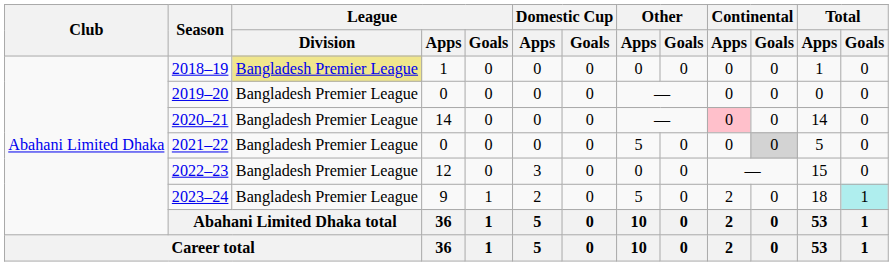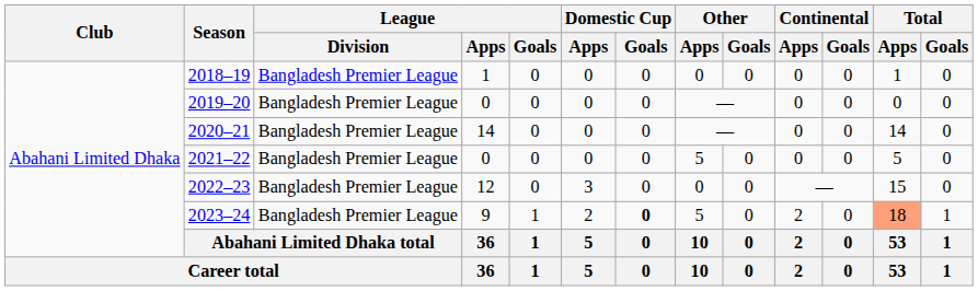 <table class="wikitable" style="text-align:center">
 <tr>
 <th rowspan="2">Club</th>
 <th rowspan="2">Season</th>
 <th colspan="3">League</th>
 <th colspan="2">Domestic Cup</th>
 <th colspan="2">Other</th>
 <th colspan="2">Continental</th>
 <th colspan="2">Total</th>
 </tr>
 <tr>
 <th>Division</th>
 <th>Apps</th>
 <th>Goals</th>
 <th>Apps</th>
 <th>Goals</th>
 <th>Apps</th>
 <th>Goals</th>
 <th>Apps</th>
 <th>Goals</th>
 <th>Apps</th>
 <th>Goals</th>
 </tr>
 <tr>
 <td rowspan=7><a href='#'>Abahani Limited Dhaka</a></td>
 <td><a href='#'>2018–19</a></td>
-<td style="background: khaki;"><a href='#'>Bangladesh Premier League</a></td>
+<td><a href='#'>Bangladesh Premier League</a></td>
 <td>1</td>
 <td>0</td>
 <td>0</td>
 <td>0</td>
 <td>0</td>
 <td>0</td>
 <td>0</td>
 <td>0</td>
 <td>1</td>
 <td>0</td>
 </tr>
 <tr>
 <td><a href='#'>2019–20</a></td>
 <td>Bangladesh Premier League</td>
 <td>0</td>
 <td>0</td>
 <td>0</td>
 <td>0</td>
 <td colspan=2>—</td>
 <td>0</td>
 <td>0</td>
 <td>0</td>
 <td>0</td>
 </tr>
 <tr>
 <td><a href='#'>2020–21</a></td>
 <td>Bangladesh Premier League</td>
 <td>14</td>
 <td>0</td>
 <td>0</td>
 <td>0</td>
 <td colspan=2>—</td>
-<td style="background: pink;">0</td>
+<td>0</td>
 <td>0</td>
 <td>14</td>
 <td>0</td>
 </tr>
 <tr>
 <td><a href='#'>2021–22</a></td>
 <td>Bangladesh Premier League</td>
 <td>0</td>
 <td>0</td>
 <td>0</td>
 <td>0</td>
 <td>5</td>
 <td>0</td>
 <td>0</td>
-<td style="background: lightgrey;">0</td>
+<td>0</td>
 <td>5</td>
 <td>0</td>
 </tr>
 <tr>
 <td><a href='#'>2022–23</a></td>
 <td>Bangladesh Premier League</td>
 <td>12</td>
 <td>0</td>
 <td>3</td>
 <td>0</td>
 <td>0</td>
 <td>0</td>
 <td colspan=2>—</td>
 <td>15</td>
 <td>0</td>
 </tr>
 <tr>
 <td><a href='#'>2023–24</a></td>
 <td>Bangladesh Premier League</td>
 <td>9</td>
 <td>1</td>
 <td>2</td>
-<td>0</td>
+<td><strong>0</strong></td>
 <td>5</td>
 <td>0</td>
 <td>2</td>
 <td>0</td>
-<td>18</td>
-<td style="background: paleturquoise;">1</td>
+<td style="background: lightsalmon;">18</td>
+<td>1</td>
 </tr>
 <tr>
 <th colspan="2"><strong>Abahani Limited Dhaka total</strong></th>
 <th>36</th>
 <th>1</th>
 <th>5</th>
 <th>0</th>
 <th>10</th>
 <th>0</th>
 <th>2</th>
 <th>0</th>
 <th>53</th>
 <th>1</th>
 </tr>
 <tr>
 <th colspan="3">Career total</th>
 <th>36</th>
 <th>1</th>
 <th>5</th>
 <th>0</th>
 <th>10</th>
 <th>0</th>
 <th>2</th>
 <th>0</th>
 <th>53</th>
 <th>1</th>
 </tr>
 </table>
